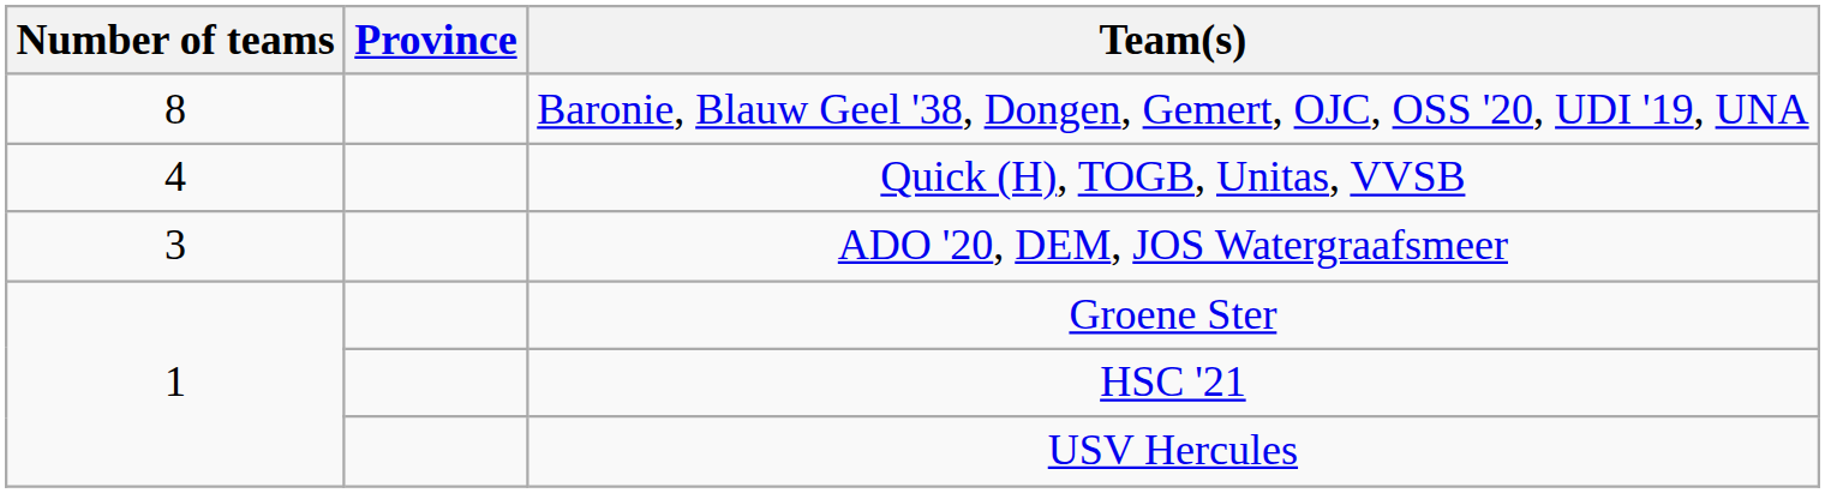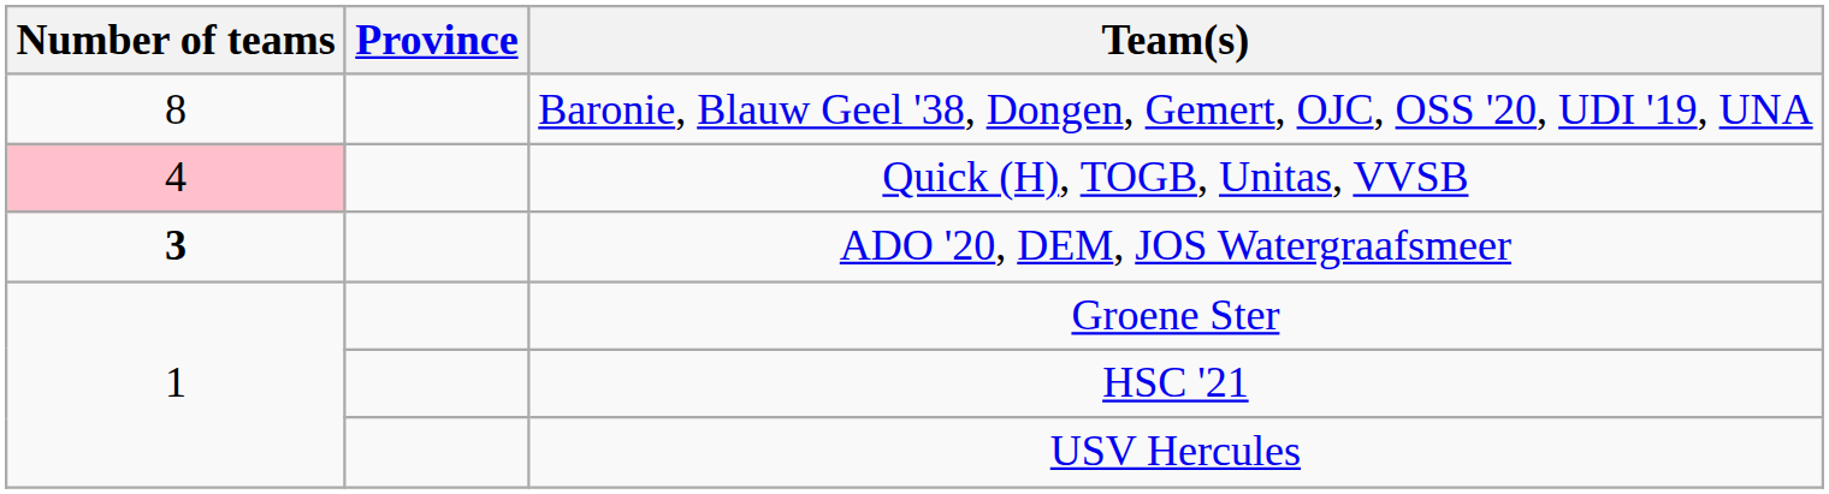 <table class="wikitable" style="text-align:center">
 <tr>
 <th>Number of teams</th>
 <th><a href='#'>Province</a></th>
 <th>Team(s)</th>
 </tr>
 <tr>
 <td>8</td>
 <td align="left"></td>
 <td><a href='#'>Baronie</a>, <a href='#'>Blauw Geel '38</a>, <a href='#'>Dongen</a>, <a href='#'>Gemert</a>, <a href='#'>OJC</a>, <a href='#'>OSS '20</a>, <a href='#'>UDI '19</a>, <a href='#'>UNA</a></td>
 </tr>
 <tr>
-<td>4</td>
+<td style="background: pink;">4</td>
 <td align="left"></td>
 <td><a href='#'>Quick (H)</a>, <a href='#'>TOGB</a>, <a href='#'>Unitas</a>, <a href='#'>VVSB</a></td>
 </tr>
 <tr>
-<td>3</td>
+<td><strong>3</strong></td>
 <td align="left"></td>
 <td><a href='#'>ADO '20</a>, <a href='#'>DEM</a>, <a href='#'>JOS Watergraafsmeer</a></td>
 </tr>
 <tr>
 <td rowspan="3">1</td>
 <td align="left"></td>
 <td><a href='#'>Groene Ster</a></td>
 </tr>
 <tr>
 <td align="left"></td>
 <td><a href='#'>HSC '21</a></td>
 </tr>
 <tr>
 <td align="left"></td>
 <td><a href='#'>USV Hercules</a></td>
 </tr>
 </table>
